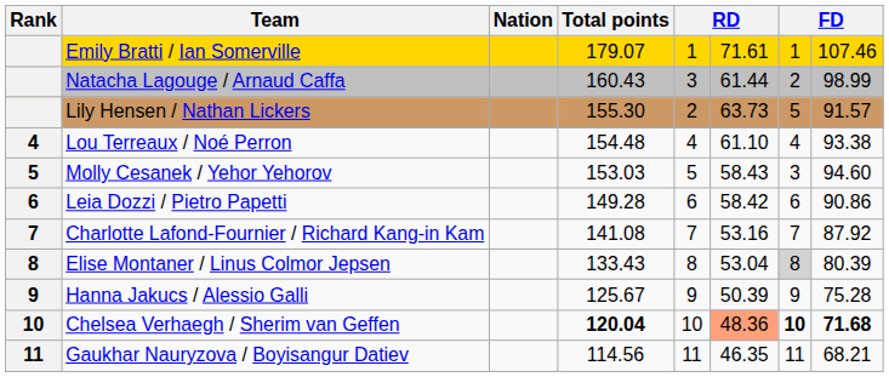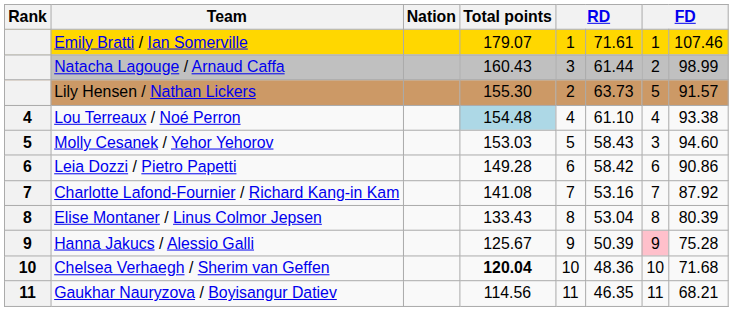 <table class="wikitable sortable" style="text-align:left">
 <tr>
 <th scope="col">Rank</th>
 <th scope="col">Team</th>
 <th scope="col">Nation</th>
 <th scope="col">Total points</th>
 <th scope="col" colspan="2" width="80px"><a href='#'>RD</a></th>
 <th scope="col" colspan="2" width="80px"><a href='#'>FD</a></th>
 </tr>
 <tr bgcolor="gold">
 <th scope="row"></th>
 <td><a href='#'>Emily Bratti</a> / <a href='#'>Ian Somerville</a></td>
 <td></td>
 <td align="center">179.07</td>
 <td align="center">1</td>
 <td align="center">71.61</td>
 <td align="center">1</td>
 <td align="center">107.46</td>
 </tr>
 <tr bgcolor="silver">
 <th scope="row"></th>
 <td><a href='#'>Natacha Lagouge</a> / <a href='#'>Arnaud Caffa</a></td>
 <td></td>
 <td align="center">160.43</td>
 <td align="center">3</td>
 <td align="center">61.44</td>
 <td align="center">2</td>
 <td align="center">98.99</td>
 </tr>
 <tr bgcolor="cc9966">
 <th scope="row"></th>
 <td>Lily Hensen / <a href='#'>Nathan Lickers</a></td>
 <td></td>
 <td align="center">155.30</td>
 <td align="center">2</td>
 <td align="center">63.73</td>
 <td align="center">5</td>
 <td align="center">91.57</td>
 </tr>
 <tr>
 <th scope="row">4</th>
 <td><a href='#'>Lou Terreaux</a> / <a href='#'>Noé Perron</a></td>
 <td></td>
-<td align="center">154.48</td>
+<td align="center" style="background: lightblue;">154.48</td>
 <td align="center">4</td>
 <td align="center">61.10</td>
 <td align="center">4</td>
 <td align="center">93.38</td>
 </tr>
 <tr>
 <th scope="row">5</th>
 <td><a href='#'>Molly Cesanek</a> / <a href='#'>Yehor Yehorov</a></td>
 <td></td>
 <td align="center">153.03</td>
 <td align="center">5</td>
 <td align="center">58.43</td>
 <td align="center">3</td>
 <td align="center">94.60</td>
 </tr>
 <tr>
 <th scope="row">6</th>
 <td><a href='#'>Leia Dozzi</a> / <a href='#'>Pietro Papetti</a></td>
 <td></td>
 <td align="center">149.28</td>
 <td align="center">6</td>
 <td align="center">58.42</td>
 <td align="center">6</td>
 <td align="center">90.86</td>
 </tr>
 <tr>
 <th scope="row">7</th>
 <td><a href='#'>Charlotte Lafond-Fournier</a> / <a href='#'>Richard Kang-in Kam</a></td>
 <td></td>
 <td align="center">141.08</td>
 <td align="center">7</td>
 <td align="center">53.16</td>
 <td align="center">7</td>
 <td align="center">87.92</td>
 </tr>
 <tr>
 <th scope="row">8</th>
 <td><a href='#'>Elise Montaner</a> / <a href='#'>Linus Colmor Jepsen</a></td>
 <td></td>
 <td align="center">133.43</td>
 <td align="center">8</td>
 <td align="center">53.04</td>
-<td align="center" style="background: lightgrey;">8</td>
+<td align="center">8</td>
 <td align="center">80.39</td>
 </tr>
 <tr>
 <th scope="row">9</th>
 <td><a href='#'>Hanna Jakucs</a> / <a href='#'>Alessio Galli</a></td>
 <td></td>
 <td align="center">125.67</td>
 <td align="center">9</td>
 <td align="center">50.39</td>
-<td align="center">9</td>
+<td align="center" style="background: pink;">9</td>
 <td align="center">75.28</td>
 </tr>
 <tr>
 <th scope="row">10</th>
 <td><a href='#'>Chelsea Verhaegh</a> / <a href='#'>Sherim van Geffen</a></td>
 <td></td>
 <td align="center"><strong>120.04</strong></td>
 <td align="center">10</td>
-<td align="center" style="background: lightsalmon;">48.36</td>
-<td align="center"><strong>10</strong></td>
-<td align="center"><strong>71.68</strong></td>
+<td align="center">48.36</td>
+<td align="center">10</td>
+<td align="center">71.68</td>
 </tr>
 <tr>
 <th scope="row">11</th>
 <td><a href='#'>Gaukhar Nauryzova</a> / <a href='#'>Boyisangur Datiev</a></td>
 <td></td>
 <td align="center">114.56</td>
 <td align="center">11</td>
 <td align="center">46.35</td>
 <td align="center">11</td>
 <td align="center">68.21</td>
 </tr>
 </table>
